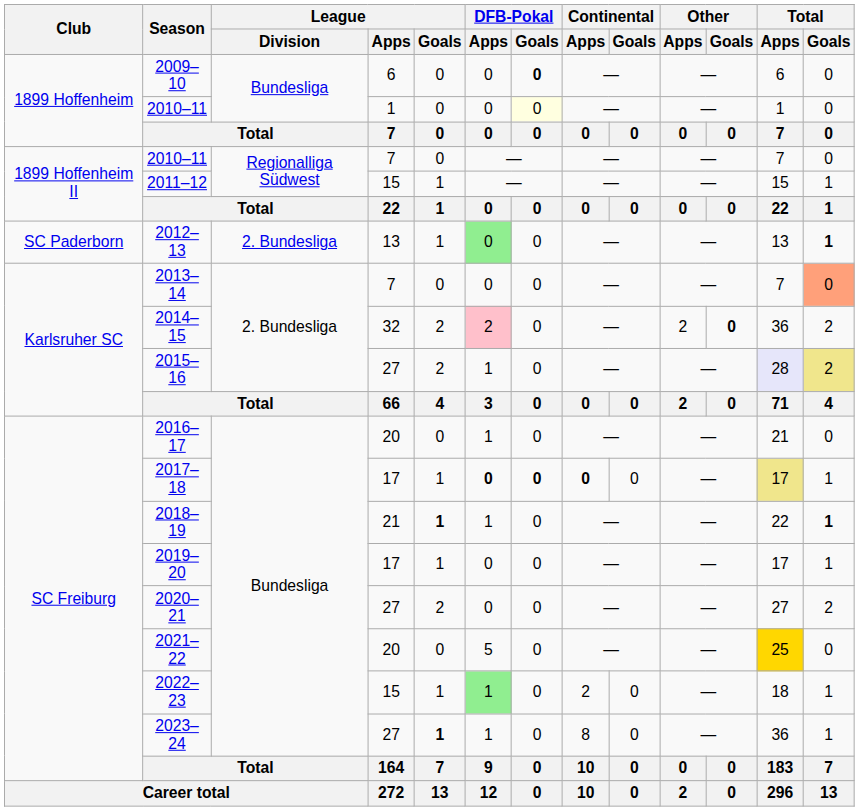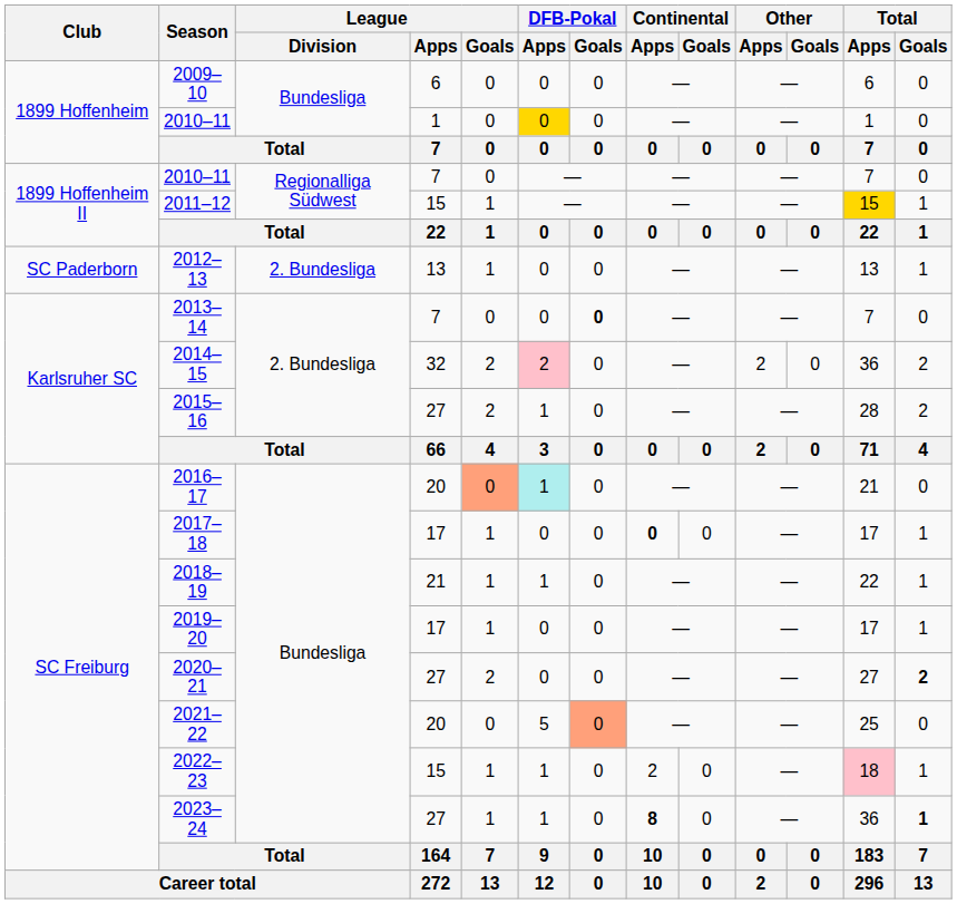 <table class="wikitable" style="text-align:center">
 <tr>
 <th rowspan="2">Club</th>
 <th rowspan="2">Season</th>
 <th colspan="3">League</th>
 <th colspan="2"><a href='#'>DFB-Pokal</a></th>
 <th colspan="2">Continental</th>
 <th colspan="2">Other</th>
 <th colspan="2">Total</th>
 </tr>
 <tr>
 <th>Division</th>
 <th>Apps</th>
 <th>Goals</th>
 <th>Apps</th>
 <th>Goals</th>
 <th>Apps</th>
 <th>Goals</th>
 <th>Apps</th>
 <th>Goals</th>
 <th>Apps</th>
 <th>Goals</th>
 </tr>
 <tr>
 <td rowspan="3"><a href='#'>1899 Hoffenheim</a></td>
 <td><a href='#'>2009–10</a></td>
 <td rowspan="2"><a href='#'>Bundesliga</a></td>
 <td>6</td>
 <td>0</td>
 <td>0</td>
-<td><strong>0</strong></td>
+<td>0</td>
 <td colspan="2">—</td>
 <td colspan="2">—</td>
 <td>6</td>
 <td>0</td>
 </tr>
 <tr>
 <td><a href='#'>2010–11</a></td>
 <td>1</td>
 <td>0</td>
+<td style="background: gold;">0</td>
 <td>0</td>
-<td style="background: lightyellow;">0</td>
 <td colspan="2">—</td>
 <td colspan="2">—</td>
 <td>1</td>
 <td>0</td>
 </tr>
 <tr>
 <th colspan="2">Total</th>
 <th>7</th>
 <th>0</th>
 <th>0</th>
 <th>0</th>
 <th>0</th>
 <th>0</th>
 <th>0</th>
 <th>0</th>
 <th>7</th>
 <th>0</th>
 </tr>
 <tr>
 <td rowspan="3"><a href='#'>1899 Hoffenheim II</a></td>
 <td><a href='#'>2010–11</a></td>
 <td rowspan="2"><a href='#'>Regionalliga Südwest</a></td>
 <td>7</td>
 <td>0</td>
 <td colspan="2">—</td>
 <td colspan="2">—</td>
 <td colspan="2">—</td>
 <td>7</td>
 <td>0</td>
 </tr>
 <tr>
 <td><a href='#'>2011–12</a></td>
 <td>15</td>
 <td>1</td>
 <td colspan="2">—</td>
 <td colspan="2">—</td>
 <td colspan="2">—</td>
-<td>15</td>
+<td style="background: gold;">15</td>
 <td>1</td>
 </tr>
 <tr>
 <th colspan="2">Total</th>
 <th>22</th>
 <th>1</th>
 <th>0</th>
 <th>0</th>
 <th>0</th>
 <th>0</th>
 <th>0</th>
 <th>0</th>
 <th>22</th>
 <th>1</th>
 </tr>
 <tr>
 <td><a href='#'>SC Paderborn</a></td>
 <td><a href='#'>2012–13</a></td>
 <td><a href='#'>2. Bundesliga</a></td>
 <td>13</td>
 <td>1</td>
-<td style="background: lightgreen;">0</td>
+<td>0</td>
 <td>0</td>
 <td colspan="2">—</td>
 <td colspan="2">—</td>
 <td>13</td>
-<td><strong>1</strong></td>
+<td>1</td>
 </tr>
 <tr>
 <td rowspan="4"><a href='#'>Karlsruher SC</a></td>
 <td><a href='#'>2013–14</a></td>
 <td rowspan="3">2. Bundesliga</td>
 <td>7</td>
 <td>0</td>
 <td>0</td>
-<td>0</td>
+<td><strong>0</strong></td>
 <td colspan="2">—</td>
 <td colspan="2">—</td>
 <td>7</td>
-<td style="background: lightsalmon;">0</td>
+<td>0</td>
 </tr>
 <tr>
 <td><a href='#'>2014–15</a></td>
 <td>32</td>
 <td>2</td>
 <td style="background: pink;">2</td>
 <td>0</td>
 <td colspan="2">—</td>
 <td>2</td>
-<td><strong>0</strong></td>
+<td>0</td>
 <td>36</td>
 <td>2</td>
 </tr>
 <tr>
 <td><a href='#'>2015–16</a></td>
 <td>27</td>
 <td>2</td>
 <td>1</td>
 <td>0</td>
 <td colspan="2">—</td>
 <td colspan="2">—</td>
-<td style="background: lavender;">28</td>
-<td style="background: khaki;">2</td>
+<td>28</td>
+<td>2</td>
 </tr>
 <tr>
 <th colspan="2">Total</th>
 <th>66</th>
 <th>4</th>
 <th>3</th>
 <th>0</th>
 <th>0</th>
 <th>0</th>
 <th>2</th>
 <th>0</th>
 <th>71</th>
 <th>4</th>
 </tr>
 <tr>
 <td rowspan="9"><a href='#'>SC Freiburg</a></td>
 <td><a href='#'>2016–17</a></td>
 <td rowspan="8">Bundesliga</td>
 <td>20</td>
-<td>0</td>
-<td>1</td>
+<td style="background: lightsalmon;">0</td>
+<td style="background: paleturquoise;">1</td>
 <td>0</td>
 <td colspan="2">—</td>
 <td colspan="2">—</td>
 <td>21</td>
 <td>0</td>
 </tr>
 <tr>
 <td><a href='#'>2017–18</a></td>
 <td>17</td>
 <td>1</td>
-<td><strong>0</strong></td>
-<td><strong>0</strong></td>
+<td>0</td>
+<td>0</td>
 <td><strong>0</strong></td>
 <td>0</td>
 <td colspan="2">—</td>
-<td style="background: khaki;">17</td>
+<td>17</td>
 <td>1</td>
 </tr>
 <tr>
 <td><a href='#'>2018–19</a></td>
 <td>21</td>
-<td><strong>1</strong></td>
+<td>1</td>
 <td>1</td>
 <td>0</td>
 <td colspan="2">—</td>
 <td colspan="2">—</td>
 <td>22</td>
-<td><strong>1</strong></td>
+<td>1</td>
 </tr>
 <tr>
 <td><a href='#'>2019–20</a></td>
 <td>17</td>
 <td>1</td>
 <td>0</td>
 <td>0</td>
 <td colspan="2">—</td>
 <td colspan="2">—</td>
 <td>17</td>
 <td>1</td>
 </tr>
 <tr>
 <td><a href='#'>2020–21</a></td>
 <td>27</td>
 <td>2</td>
 <td>0</td>
 <td>0</td>
 <td colspan="2">—</td>
 <td colspan="2">—</td>
 <td>27</td>
-<td>2</td>
+<td><strong>2</strong></td>
 </tr>
 <tr>
 <td><a href='#'>2021–22</a></td>
 <td>20</td>
 <td>0</td>
 <td>5</td>
-<td>0</td>
+<td style="background: lightsalmon;">0</td>
 <td colspan="2">—</td>
 <td colspan="2">—</td>
-<td style="background: gold;">25</td>
+<td>25</td>
 <td>0</td>
 </tr>
 <tr>
 <td><a href='#'>2022–23</a></td>
 <td>15</td>
 <td>1</td>
-<td style="background: lightgreen;">1</td>
+<td>1</td>
 <td>0</td>
 <td>2</td>
 <td>0</td>
 <td colspan="2">—</td>
-<td>18</td>
+<td style="background: pink;">18</td>
 <td>1</td>
 </tr>
 <tr>
 <td><a href='#'>2023–24</a></td>
 <td>27</td>
-<td><strong>1</strong></td>
+<td>1</td>
 <td>1</td>
 <td>0</td>
-<td>8</td>
+<td><strong>8</strong></td>
 <td>0</td>
 <td colspan="2">—</td>
 <td>36</td>
-<td>1</td>
+<td><strong>1</strong></td>
 </tr>
 <tr>
 <th colspan="2">Total</th>
 <th>164</th>
 <th>7</th>
 <th>9</th>
 <th>0</th>
 <th>10</th>
 <th>0</th>
 <th>0</th>
 <th>0</th>
 <th>183</th>
 <th>7</th>
 </tr>
 <tr>
 <th colspan="3">Career total</th>
 <th>272</th>
 <th>13</th>
 <th>12</th>
 <th>0</th>
 <th>10</th>
 <th>0</th>
 <th>2</th>
 <th>0</th>
 <th>296</th>
 <th>13</th>
 </tr>
 </table>
